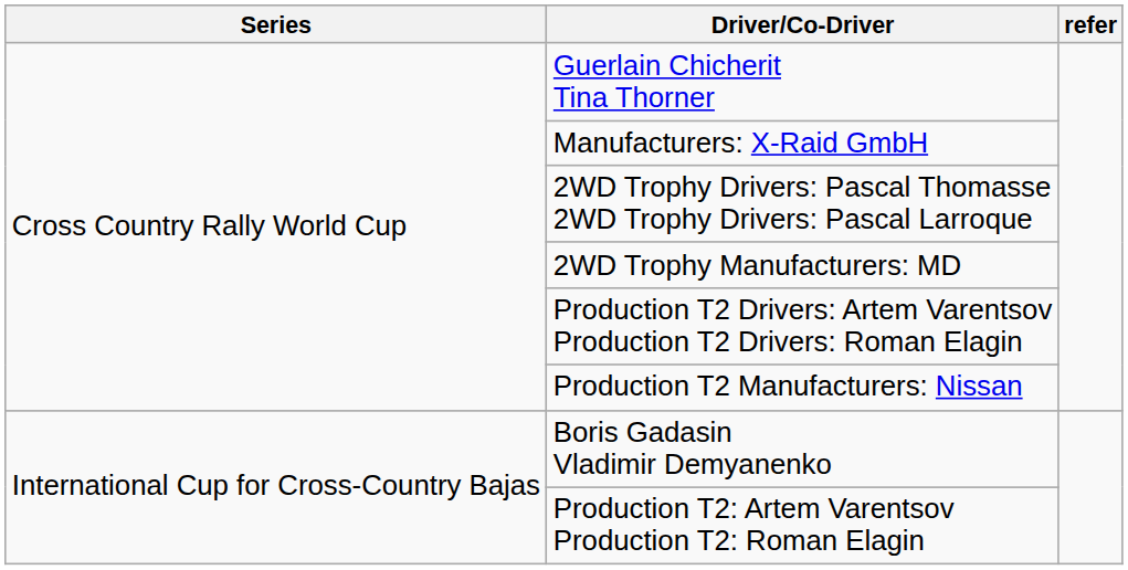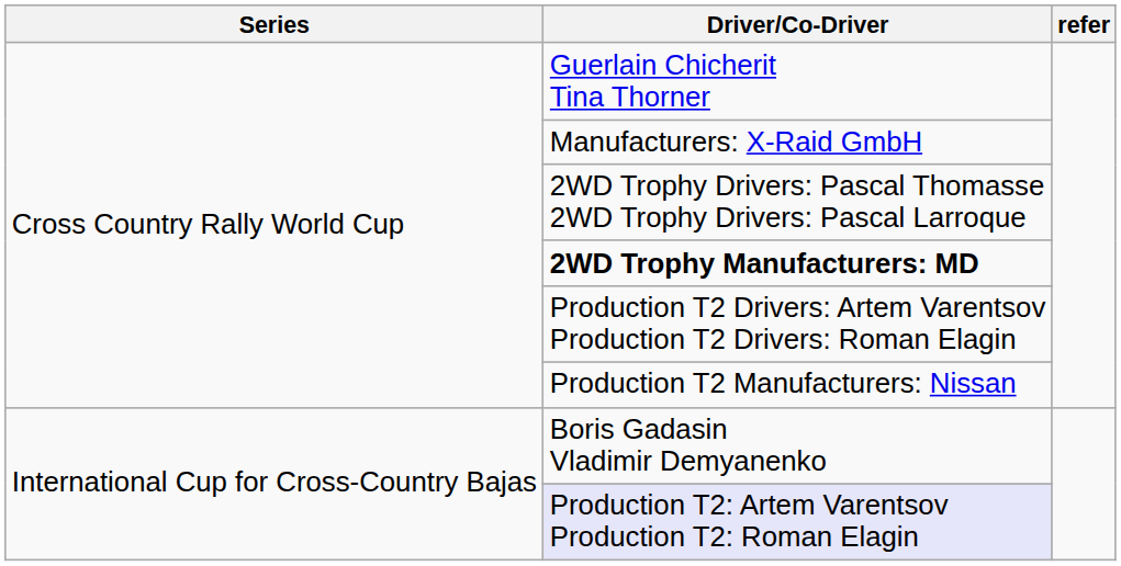 <table class="wikitable">
 <tr style="font-size:10pt;font-weight:bold">
 <th>Series</th>
 <th>Driver/Co-Driver</th>
 <th>refer</th>
 </tr>
 <tr>
 <td rowspan=6>Cross Country Rally World Cup</td>
 <td> <a href='#'>Guerlain Chicherit</a><br> <a href='#'>Tina Thorner</a></td>
 <td rowspan=6></td>
 </tr>
 <tr>
 <td>Manufacturers:  <a href='#'>X-Raid GmbH</a></td>
 </tr>
 <tr>
 <td>2WD Trophy Drivers:  Pascal Thomasse<br>2WD Trophy Drivers:  Pascal Larroque</td>
 </tr>
 <tr>
-<td>2WD Trophy Manufacturers:  MD</td>
+<td><strong>2WD Trophy Manufacturers:  MD</strong></td>
 </tr>
 <tr>
 <td>Production T2 Drivers:  Artem Varentsov<br>Production T2 Drivers:  Roman Elagin</td>
 </tr>
 <tr>
 <td>Production T2 Manufacturers:  <a href='#'>Nissan</a></td>
 </tr>
 <tr>
 <td rowspan=2>International Cup for Cross-Country Bajas</td>
 <td> Boris Gadasin<br> Vladimir Demyanenko</td>
 <td rowspan=2></td>
 </tr>
 <tr>
-<td>Production T2:  Artem Varentsov<br>Production T2:  Roman Elagin</td>
+<td style="background: lavender;">Production T2:  Artem Varentsov<br>Production T2:  Roman Elagin</td>
 </tr>
 </table>
